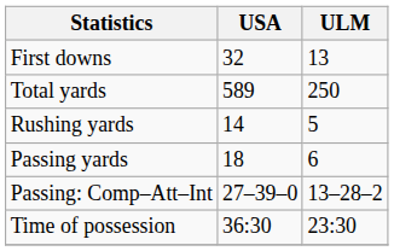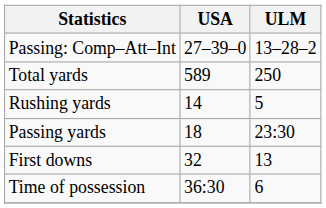 <table class="wikitable" style="float: left;">
 <tr>
 <th>Statistics</th>
 <th>USA</th>
 <th>ULM</th>
 </tr>
 <tr>
-<td>First downs</td>
-<td>32</td>
-<td>13</td>
+<td>Passing: Comp–Att–Int</td>
+<td>27–39–0</td>
+<td>13–28–2</td>
 </tr>
 <tr>
 <td>Total yards</td>
 <td>589</td>
 <td>250</td>
 </tr>
 <tr>
 <td>Rushing yards</td>
 <td>14</td>
 <td>5</td>
 </tr>
 <tr>
 <td>Passing yards</td>
 <td>18</td>
-<td>6</td>
+<td>23:30</td>
 </tr>
 <tr>
-<td>Passing: Comp–Att–Int</td>
-<td>27–39–0</td>
-<td>13–28–2</td>
+<td>First downs</td>
+<td>32</td>
+<td>13</td>
 </tr>
 <tr>
 <td>Time of possession</td>
 <td>36:30</td>
-<td>23:30</td>
+<td>6</td>
 </tr>
 <tr>
 </tr>
 </table>
